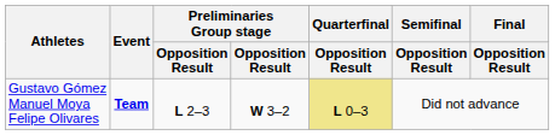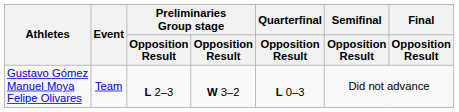 <table class="wikitable" border="1" style="font-size:90%">
 <tr>
 <th rowspan=2>Athletes</th>
 <th rowspan=2>Event</th>
 <th colspan=2>Preliminaries<br>Group stage</th>
 <th>Quarterfinal</th>
 <th>Semifinal</th>
 <th>Final</th>
 </tr>
 <tr>
 <th>Opposition<br>Result</th>
 <th>Opposition<br>Result</th>
 <th>Opposition<br>Result</th>
 <th>Opposition<br>Result</th>
 <th>Opposition<br>Result</th>
 </tr>
 <tr>
 <td><a href='#'>Gustavo Gómez</a><br><a href='#'>Manuel Moya</a><br><a href='#'>Felipe Olivares</a></td>
-<td align=center><strong><a href='#'>Team</a></strong></td>
+<td align=center><a href='#'>Team</a></td>
 <td align=center><br><strong>L</strong> 2–3</td>
 <td align=center><br><strong>W</strong> 3–2</td>
-<td align=center style="background: khaki;"><br><strong>L</strong> 0–3</td>
+<td align=center><br><strong>L</strong> 0–3</td>
 <td align=center colspan=2>Did not advance</td>
 </tr>
 </table>
